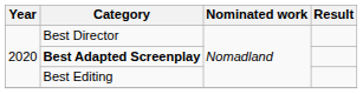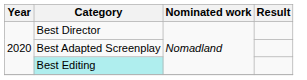 <table class="wikitable">
 <tr>
 <th>Year</th>
 <th>Category</th>
 <th>Nominated work</th>
 <th>Result</th>
 </tr>
 <tr>
 <td rowspan="3">2020</td>
 <td>Best Director</td>
 <td rowspan=3><em>Nomadland</em></td>
 <td></td>
 </tr>
 <tr>
-<td><strong>Best Adapted Screenplay</strong></td>
+<td>Best Adapted Screenplay</td>
 <td></td>
 </tr>
 <tr>
-<td>Best Editing</td>
+<td style="background: paleturquoise;">Best Editing</td>
 <td></td>
 </tr>
 <tr>
 </tr>
 </table>
